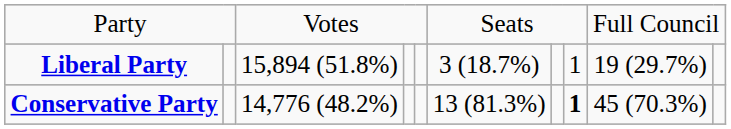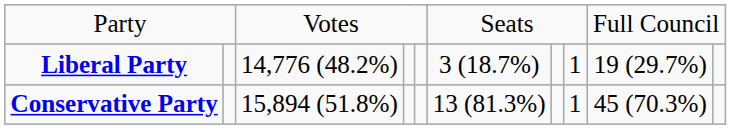 <table class=wikitable style="text-align:center;">
 <tr>
 <td colspan=2>Party</td>
 <td colspan=3>Votes</td>
 <td colspan=3>Seats</td>
 <td colspan=3>Full Council</td>
 </tr>
 <tr>
 <td><strong><a href='#'>Liberal Party</a></strong></td>
 <td style="background:"></td>
-<td>15,894 (51.8%)</td>
+<td>14,776 (48.2%)</td>
 <td></td>
 <td></td>
 <td>3 (18.7%)</td>
 <td></td>
 <td> 1</td>
 <td>19 (29.7%)</td>
 <td></td>
 </tr>
 <tr>
 <td><strong><a href='#'>Conservative Party</a></strong></td>
 <td style="background:"></td>
-<td>14,776 (48.2%)</td>
+<td>15,894 (51.8%)</td>
 <td></td>
 <td></td>
 <td>13 (81.3%)</td>
 <td></td>
-<td><strong> 1</strong></td>
+<td> 1</td>
 <td>45 (70.3%)</td>
 <td></td>
 </tr>
 </table>
